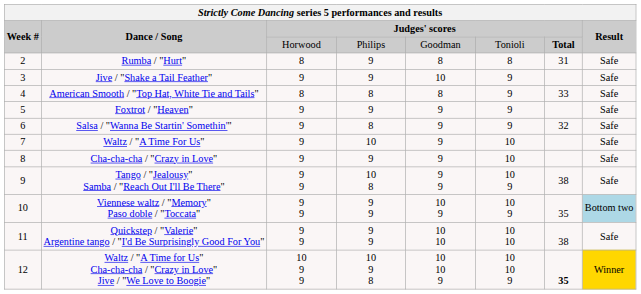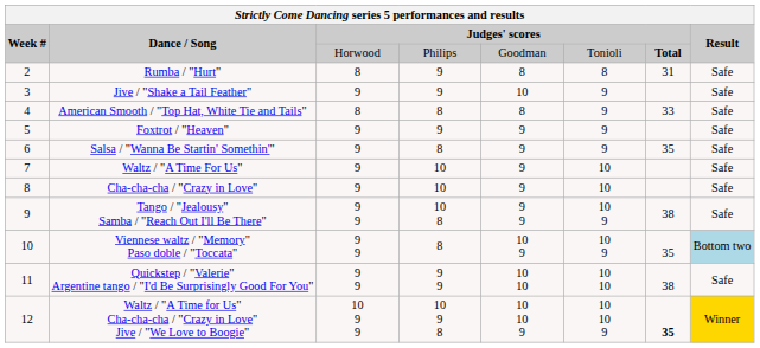 <table class="wikitable collapsible collapsed" style="text-align:center;">
 <tr>
 <th colspan="8"><em>Strictly Come Dancing</em> series 5 performances and results</th>
 </tr>
 <tr>
 <th rowspan="2" style="background:#ccc; text-align:Center;">Week #</th>
 <th rowspan="2" style="background:#ccc; text-align:Center;">Dance / Song</th>
 <th colspan="5" style="background:#ccc; text-align:Center;">Judges' scores</th>
 <th rowspan="2" style="background:#ccc; text-align:Center;">Result</th>
 </tr>
 <tr style="text-align:center; background:#ccc;">
 <td style="width:11%; ">Horwood</td>
 <td style="width:11%; ">Philips</td>
 <td style="width:11%; ">Goodman</td>
 <td style="width:11%; ">Tonioli</td>
 <td style="width:6%; "><strong>Total</strong></td>
 </tr>
 <tr style="text-align:center; background:#faf6f6">
 <td>2</td>
 <td style="text-align:center; background:#faf6f6;"><a href='#'>Rumba</a> / "<a href='#'>Hurt</a>"</td>
 <td style="text-align:center; background:#faf6f6;">8</td>
 <td style="text-align:center; background:#faf6f6;">9</td>
 <td style="text-align:center; background:#faf6f6;">8</td>
 <td style="text-align:center; background:#faf6f6;">8</td>
 <td style="text-align:center; background:#faf6f6;">31</td>
 <td style="text-align:center; background:#faf6f6;">Safe</td>
 </tr>
 <tr>
 <td style="text-align:center; background:#faf6f6;">3</td>
 <td style="text-align:center; background:#faf6f6;"><a href='#'>Jive</a> / "<a href='#'>Shake a Tail Feather</a>"</td>
 <td style="text-align:center; background:#faf6f6;">9</td>
 <td style="text-align:center; background:#faf6f6;">9</td>
 <td style="text-align:center; background:#faf6f6;">10</td>
 <td style="text-align:center; background:#faf6f6;">9</td>
 <td style="text-align:center; background:#faf6f6;"></td>
 <td style="text-align:center; background:#faf6f6;">Safe</td>
 </tr>
 <tr>
 <td style="text-align:center; background:#faf6f6;">4</td>
 <td style="text-align:center; background:#faf6f6;"><a href='#'>American Smooth</a> / "<a href='#'>Top Hat, White Tie and Tails</a>"</td>
 <td style="text-align:center; background:#faf6f6;">8</td>
 <td style="text-align:center; background:#faf6f6;">8</td>
 <td style="text-align:center; background:#faf6f6;">8</td>
 <td style="text-align:center; background:#faf6f6;">9</td>
 <td style="text-align:center; background:#faf6f6;">33</td>
 <td style="text-align:center; background:#faf6f6;">Safe</td>
 </tr>
 <tr>
 <td style="text-align:center; background:#faf6f6;">5</td>
 <td style="text-align:center; background:#faf6f6;"><a href='#'>Foxtrot</a> / "<a href='#'>Heaven</a>"</td>
 <td style="text-align:center; background:#faf6f6;">9</td>
 <td style="text-align:center; background:#faf6f6;">9</td>
 <td style="text-align:center; background:#faf6f6;">9</td>
 <td style="text-align:center; background:#faf6f6;">9</td>
 <td style="text-align:center; background:#faf6f6;"></td>
 <td style="text-align:center; background:#faf6f6;">Safe</td>
 </tr>
 <tr>
 <td style="text-align:center; background:#faf6f6;">6</td>
 <td style="text-align:center; background:#faf6f6;"><a href='#'>Salsa</a> / "<a href='#'>Wanna Be Startin' Somethin'</a>"</td>
 <td style="text-align:center; background:#faf6f6;">9</td>
 <td style="text-align:center; background:#faf6f6;">8</td>
 <td style="text-align:center; background:#faf6f6;">9</td>
 <td style="text-align:center; background:#faf6f6;">9</td>
-<td style="text-align:center; background:#faf6f6;">32</td>
+<td style="text-align:center; background:#faf6f6;">35</td>
 <td style="text-align:center; background:#faf6f6;">Safe</td>
 </tr>
 <tr>
 <td style="text-align:center; background:#faf6f6;">7</td>
 <td style="text-align:center; background:#faf6f6;"><a href='#'>Waltz</a> / "<a href='#'>A Time For Us</a>"</td>
 <td style="text-align:center; background:#faf6f6;">9</td>
 <td style="text-align:center; background:#faf6f6;">10</td>
 <td style="text-align:center; background:#faf6f6;">9</td>
 <td style="text-align:center; background:#faf6f6;">10</td>
 <td style="text-align:center; background:#faf6f6;"></td>
 <td style="text-align:center; background:#faf6f6;">Safe</td>
 </tr>
 <tr>
 <td style="text-align:center; background:#faf6f6;">8</td>
 <td style="text-align:center; background:#faf6f6;"><a href='#'>Cha-cha-cha</a> / "<a href='#'>Crazy in Love</a>"</td>
 <td style="text-align:center; background:#faf6f6;">9</td>
-<td style="text-align:center; background:#faf6f6;">9</td>
+<td style="text-align:center; background:#faf6f6;">10</td>
 <td style="text-align:center; background:#faf6f6;">9</td>
 <td style="text-align:center; background:#faf6f6;">10</td>
 <td style="text-align:center; background:#faf6f6;"></td>
 <td style="text-align:center; background:#faf6f6;">Safe</td>
 </tr>
 <tr>
 <td style="text-align:center; background:#faf6f6;">9</td>
 <td style="text-align:center; background:#faf6f6;"><a href='#'>Tango</a> / "<a href='#'>Jealousy</a>"<br><a href='#'>Samba</a> / "<a href='#'>Reach Out I'll Be There</a>"</td>
 <td style="text-align:center; background:#faf6f6;">9<br>9</td>
 <td style="text-align:center; background:#faf6f6;">10<br>8</td>
 <td style="text-align:center; background:#faf6f6;">9<br>9</td>
 <td style="text-align:center; background:#faf6f6;">10<br>9</td>
 <td style="text-align:center; background:#faf6f6;">38<br></td>
 <td style="text-align:center; background:#faf6f6;">Safe</td>
 </tr>
 <tr>
 <td style="text-align:center; background:#faf6f6;">10</td>
 <td style="text-align:center; background:#faf6f6;"><a href='#'>Viennese waltz</a> / "<a href='#'>Memory</a>"<br><a href='#'>Paso doble</a> / "<a href='#'>Toccata</a>"</td>
 <td style="text-align:center; background:#faf6f6;">9<br>9</td>
-<td style="text-align:center; background:#faf6f6;">9<br>9</td>
+<td style="text-align:center; background:#faf6f6;">8</td>
 <td style="text-align:center; background:#faf6f6;">10<br>9</td>
 <td style="text-align:center; background:#faf6f6;">10<br>9</td>
 <td style="text-align:center; background:#faf6f6;"><br>35</td>
 <td bgcolor="lightblue">Bottom two</td>
 </tr>
 <tr>
 <td style="text-align:center; background:#faf6f6;">11</td>
 <td style="text-align:center; background:#faf6f6;"><a href='#'>Quickstep</a> / "<a href='#'>Valerie</a>"<br><a href='#'>Argentine tango</a> / "<a href='#'>I'd Be Surprisingly Good For You</a>"</td>
 <td style="text-align:center; background:#faf6f6;">9<br>9</td>
 <td style="text-align:center; background:#faf6f6;">9<br>9</td>
 <td style="text-align:center; background:#faf6f6;">10<br>10</td>
 <td style="text-align:center; background:#faf6f6;">10<br>10</td>
 <td style="text-align:center; background:#faf6f6;"><br>38</td>
 <td style="text-align:center; background:#faf6f6;">Safe</td>
 </tr>
 <tr>
 <td style="text-align:center; background:#faf6f6;">12</td>
 <td style="text-align:center; background:#faf6f6;"><a href='#'>Waltz</a> / "<a href='#'>A Time for Us</a>"<br><a href='#'>Cha-cha-cha</a> / "<a href='#'>Crazy in Love</a>"<br><a href='#'>Jive</a> / "<a href='#'>We Love to Boogie</a>"</td>
 <td style="text-align:center; background:#faf6f6;">10<br>9<br>9</td>
 <td style="text-align:center; background:#faf6f6;">10<br>9<br>8</td>
 <td style="text-align:center; background:#faf6f6;">10<br>10<br>9</td>
 <td style="text-align:center; background:#faf6f6;">10<br>10<br>9</td>
 <td style="text-align:center; background:#faf6f6;"><br><br><strong>35</strong></td>
 <td style="text-align:center; background:gold;">Winner</td>
 </tr>
 </table>
